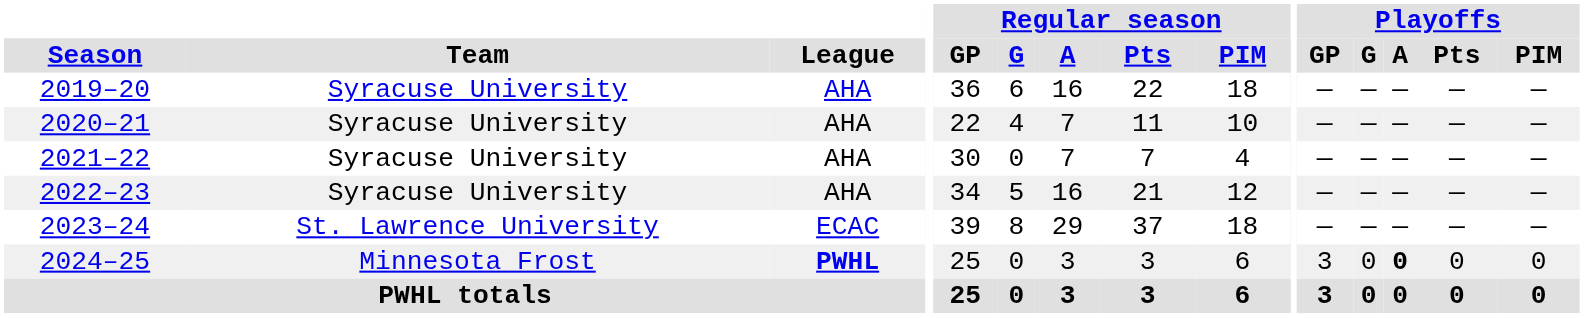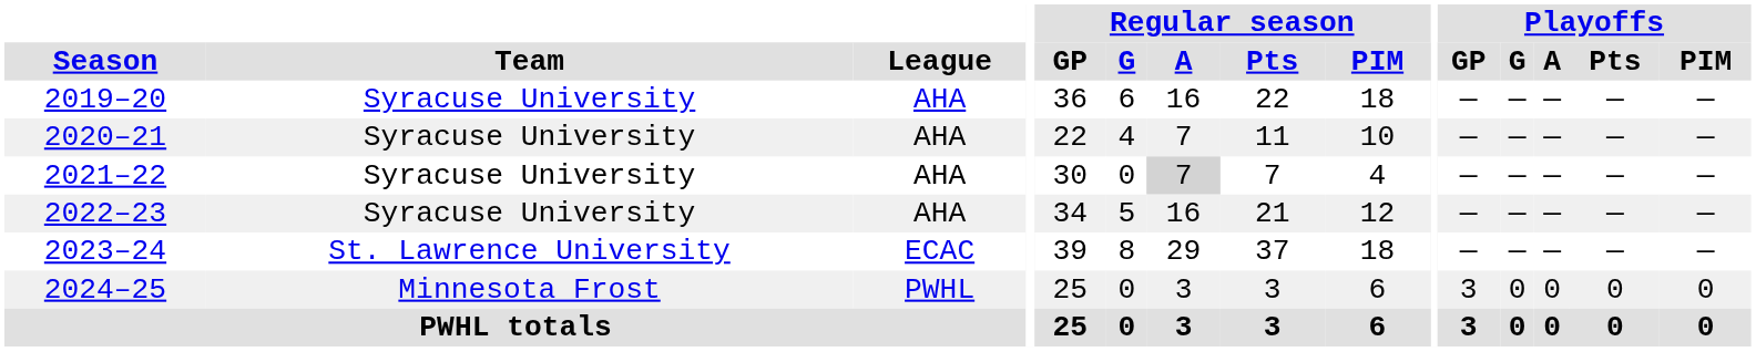 <table border="0" cellpadding="1" cellspacing="0" style="text-align:center; width:60em">
 <tr bgcolor="#e0e0e0">
 <th colspan="3" bgcolor="#ffffff"></th>
 <th rowspan="97" bgcolor="#ffffff"></th>
 <th colspan="5"><a href='#'>Regular season</a></th>
 <th rowspan="97" bgcolor="#ffffff"></th>
 <th colspan="5"><a href='#'>Playoffs</a></th>
 </tr>
 <tr bgcolor="#e0e0e0">
 <th><a href='#'>Season</a></th>
 <th>Team</th>
 <th>League</th>
 <th>GP</th>
 <th><a href='#'>G</a></th>
 <th><a href='#'>A</a></th>
 <th><a href='#'>Pts</a></th>
 <th><a href='#'>PIM</a></th>
 <th>GP</th>
 <th>G</th>
 <th>A</th>
 <th>Pts</th>
 <th>PIM</th>
 </tr>
 <tr>
 <td><a href='#'>2019–20</a></td>
 <td><a href='#'>Syracuse University</a></td>
 <td><a href='#'>AHA</a></td>
 <td>36</td>
 <td>6</td>
 <td>16</td>
 <td>22</td>
 <td>18</td>
 <td>—</td>
 <td>—</td>
 <td>—</td>
 <td>—</td>
 <td>—</td>
 </tr>
 <tr bgcolor="#f0f0f0">
 <td><a href='#'>2020–21</a></td>
 <td>Syracuse University</td>
 <td>AHA</td>
 <td>22</td>
 <td>4</td>
 <td>7</td>
 <td>11</td>
 <td>10</td>
 <td>—</td>
 <td>—</td>
 <td>—</td>
 <td>—</td>
 <td>—</td>
 </tr>
 <tr>
 <td><a href='#'>2021–22</a></td>
 <td>Syracuse University</td>
 <td>AHA</td>
 <td>30</td>
 <td>0</td>
-<td>7</td>
+<td style="background: lightgrey;">7</td>
 <td>7</td>
 <td>4</td>
 <td>—</td>
 <td>—</td>
 <td>—</td>
 <td>—</td>
 <td>—</td>
 </tr>
 <tr bgcolor="#f0f0f0">
 <td><a href='#'>2022–23</a></td>
 <td>Syracuse University</td>
 <td>AHA</td>
 <td>34</td>
 <td>5</td>
 <td>16</td>
 <td>21</td>
 <td>12</td>
 <td>—</td>
 <td>—</td>
 <td>—</td>
 <td>—</td>
 <td>—</td>
 </tr>
 <tr>
 <td><a href='#'>2023–24</a></td>
 <td><a href='#'>St. Lawrence University</a></td>
 <td><a href='#'>ECAC</a></td>
 <td>39</td>
 <td>8</td>
 <td>29</td>
 <td>37</td>
 <td>18</td>
 <td>—</td>
 <td>—</td>
 <td>—</td>
 <td>—</td>
 <td>—</td>
 </tr>
 <tr bgcolor="#f0f0f0">
 <td><a href='#'>2024–25</a></td>
 <td><a href='#'>Minnesota Frost</a></td>
-<td><strong><a href='#'>PWHL</a></strong></td>
+<td><a href='#'>PWHL</a></td>
 <td>25</td>
 <td>0</td>
 <td>3</td>
 <td>3</td>
 <td>6</td>
 <td>3</td>
 <td>0</td>
-<td><strong>0</strong></td>
+<td>0</td>
 <td>0</td>
 <td>0</td>
 </tr>
 <tr bgcolor="#e0e0e0">
 <th colspan="3">PWHL totals</th>
 <th>25</th>
 <th>0</th>
 <th>3</th>
 <th>3</th>
 <th>6</th>
 <th>3</th>
 <th>0</th>
 <th>0</th>
 <th>0</th>
 <th>0</th>
 </tr>
 </table>
